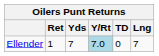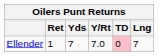 <table class="wikitable">
 <tr>
 <th colspan="6">Oilers Punt Returns</th>
 </tr>
 <tr>
 <th></th>
 <th>Ret</th>
 <th>Yds</th>
 <th>Y/Rt</th>
 <th>TD</th>
 <th>Lng</th>
 </tr>
 <tr>
 <td><a href='#'>Ellender</a></td>
 <td>1</td>
 <td>7</td>
-<td style="background: lightblue;">7.0</td>
-<td>0</td>
+<td>7.0</td>
+<td style="background: pink;">0</td>
 <td>7</td>
 </tr>
 </table>
